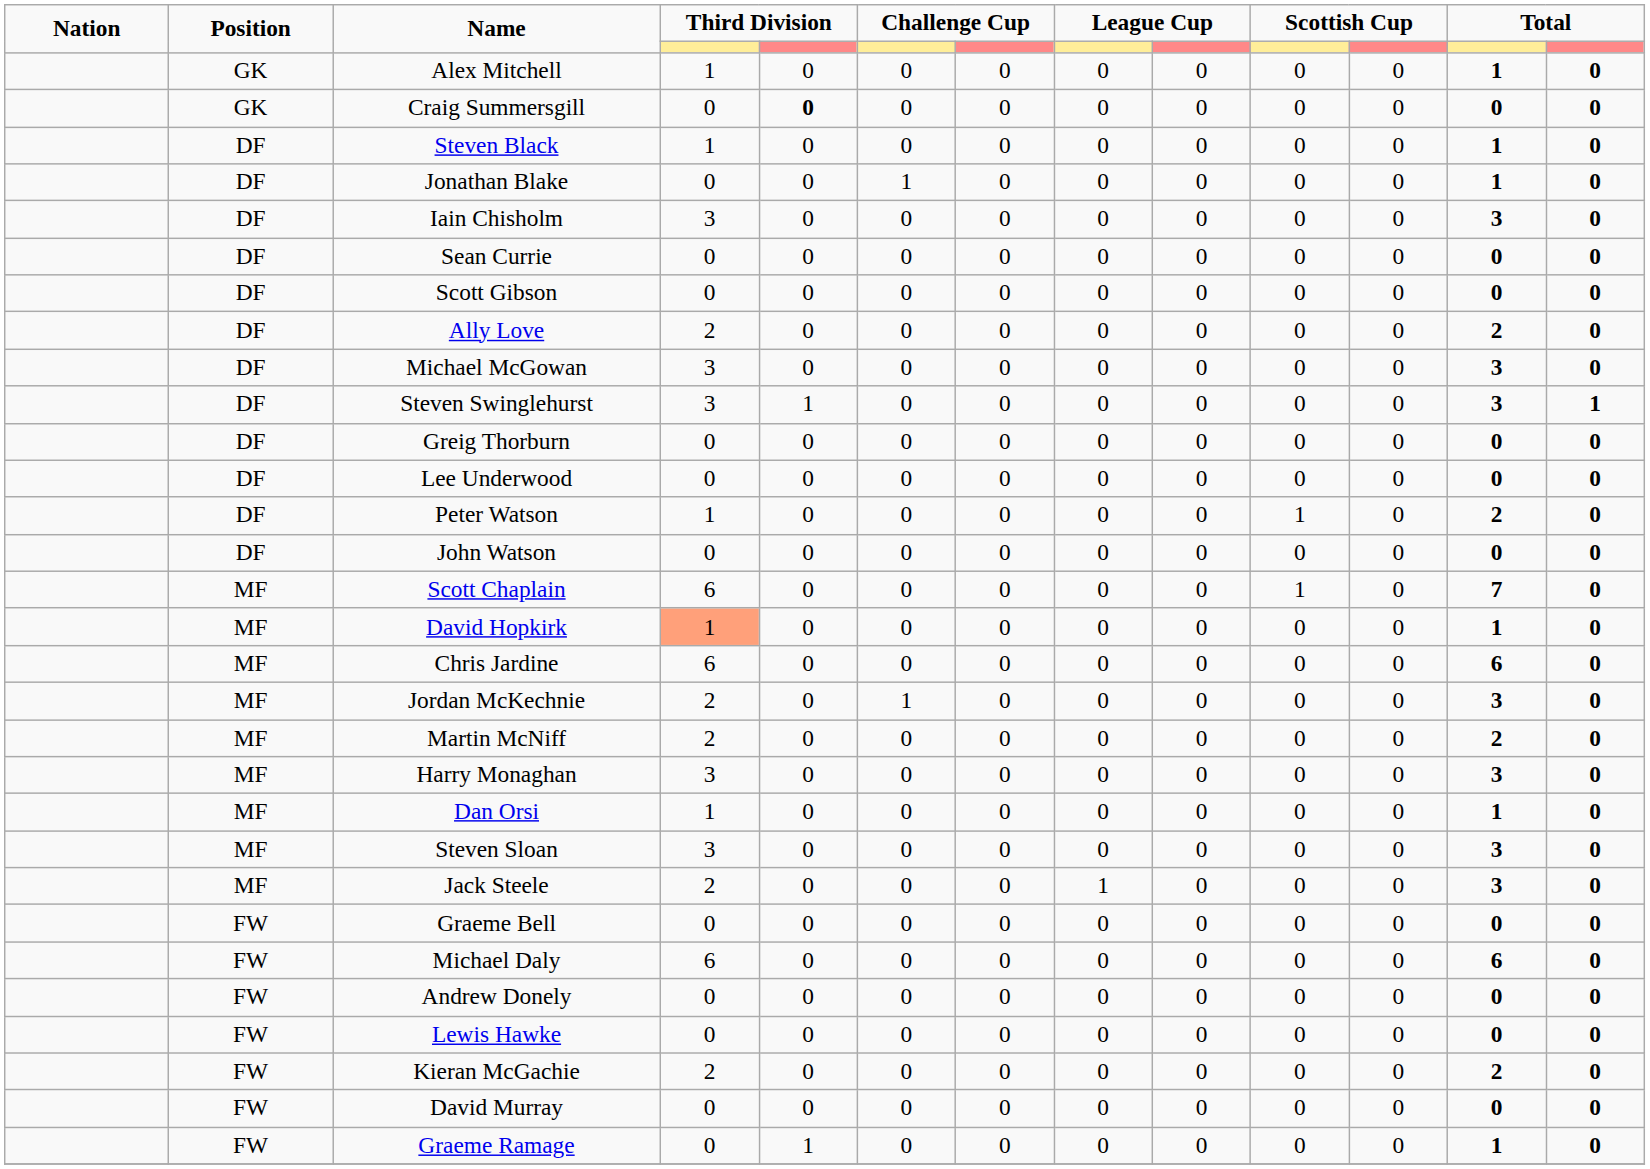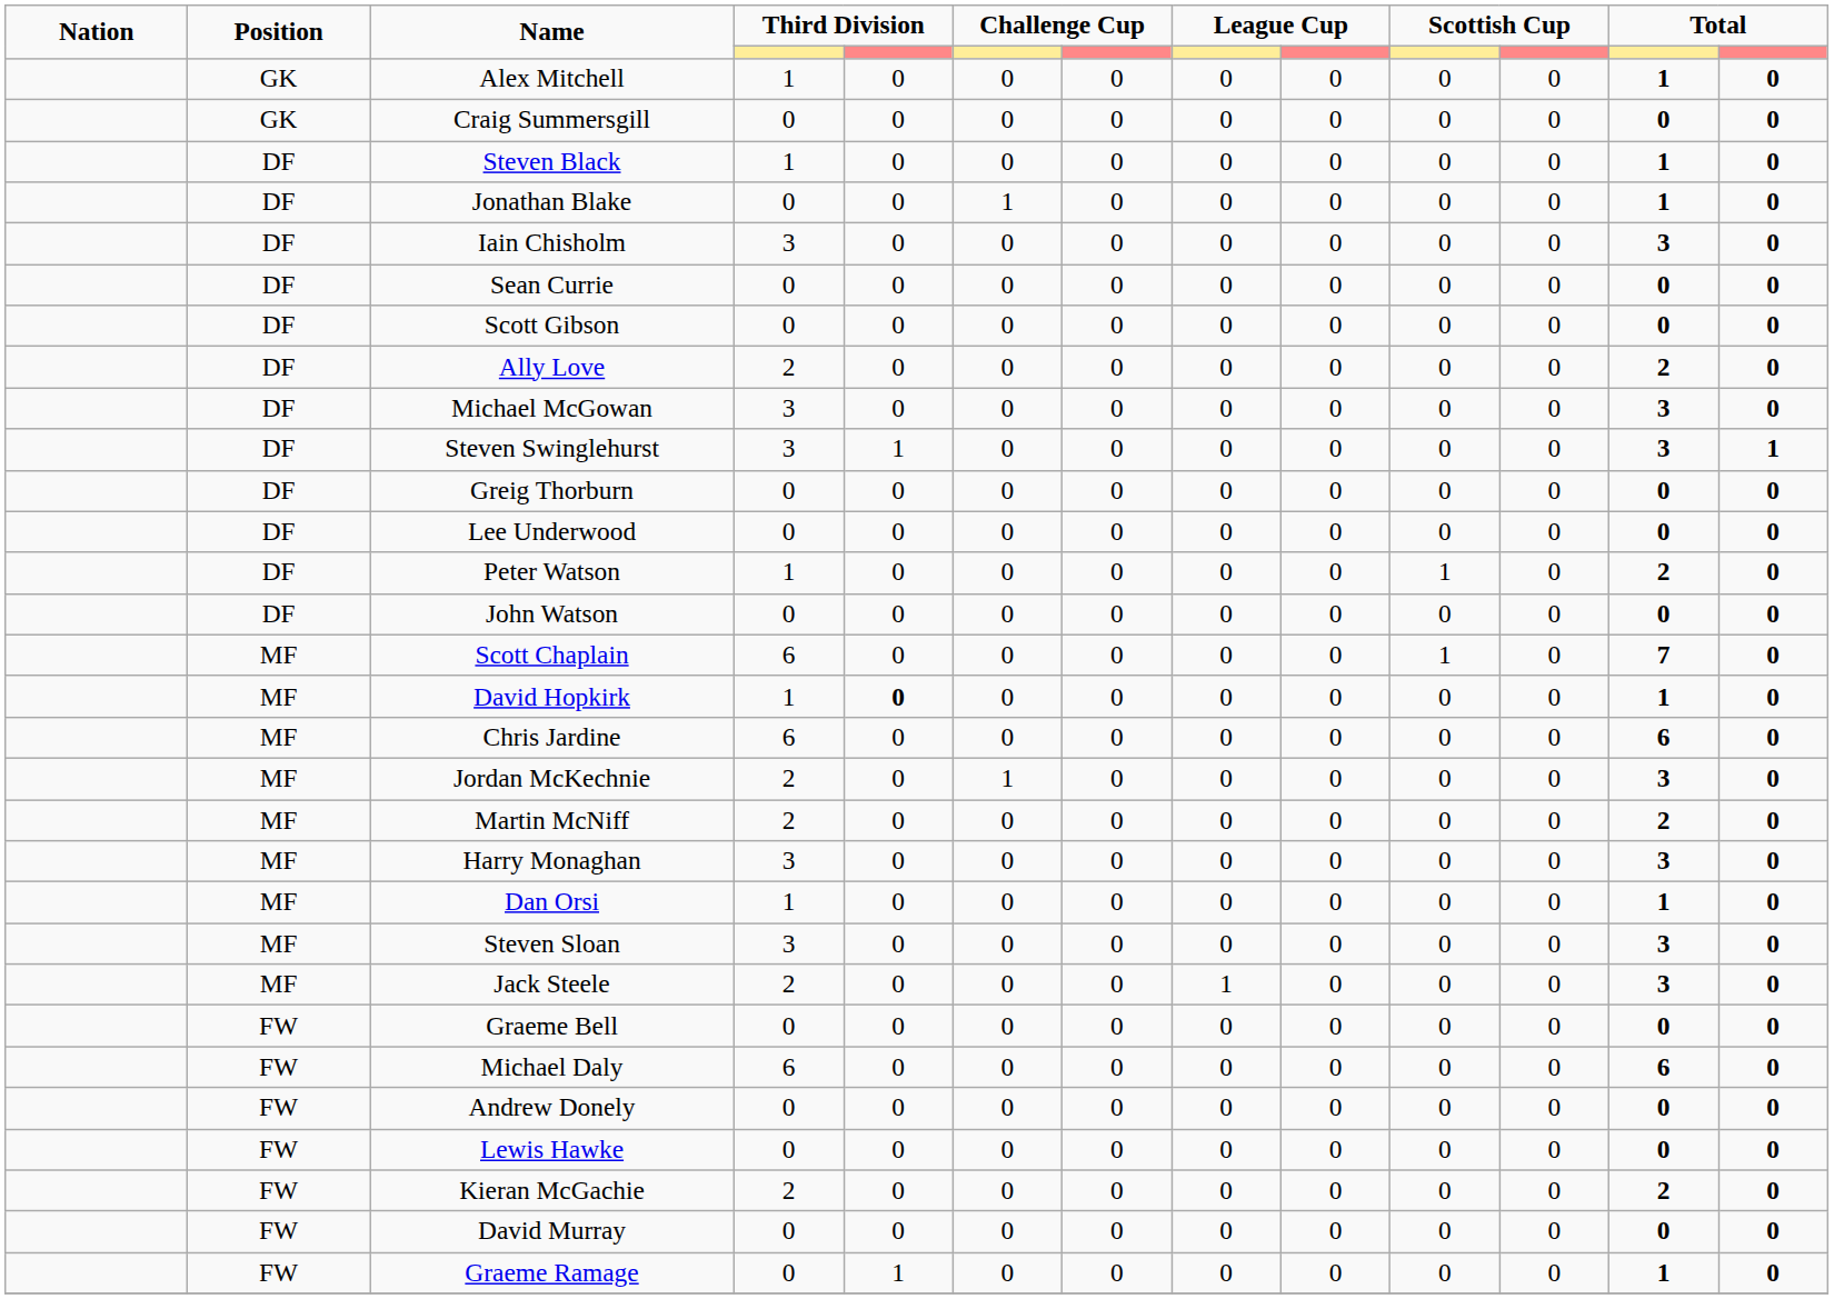 <table class="wikitable" style="font-size: 100%; text-align: center;">
 <tr>
 <td rowspan="2" width="10%" align="center"><strong>Nation</strong></td>
 <td rowspan="2" width="10%" align="center"><strong>Position</strong></td>
 <td rowspan="2" width="20%" align="center"><strong>Name</strong></td>
 <td colspan="2" align="center"><strong>Third Division</strong></td>
 <td colspan="2" align="center"><strong>Challenge Cup</strong></td>
 <td colspan="2" align="center"><strong>League Cup</strong></td>
 <td colspan="2" align="center"><strong>Scottish Cup</strong></td>
 <td colspan="2" align="center"><strong>Total </strong></td>
 </tr>
 <tr>
 <th width=60 style="background: #FFEE99"></th>
 <th width=60 style="background: #FF8888"></th>
 <th width=60 style="background: #FFEE99"></th>
 <th width=60 style="background: #FF8888"></th>
 <th width=60 style="background: #FFEE99"></th>
 <th width=60 style="background: #FF8888"></th>
 <th width=60 style="background: #FFEE99"></th>
 <th width=60 style="background: #FF8888"></th>
 <th width=60 style="background: #FFEE99"></th>
 <th width=60 style="background: #FF8888"></th>
 </tr>
 <tr>
 <td></td>
 <td>GK</td>
 <td>Alex Mitchell</td>
 <td>1</td>
 <td>0</td>
 <td>0</td>
 <td>0</td>
 <td>0</td>
 <td>0</td>
 <td>0</td>
 <td>0</td>
 <td><strong>1</strong></td>
 <td><strong>0</strong></td>
 </tr>
 <tr>
 <td></td>
 <td>GK</td>
 <td>Craig Summersgill</td>
 <td>0</td>
-<td><strong>0</strong></td>
+<td>0</td>
 <td>0</td>
 <td>0</td>
 <td>0</td>
 <td>0</td>
 <td>0</td>
 <td>0</td>
 <td><strong>0</strong></td>
 <td><strong>0</strong></td>
 </tr>
 <tr>
 <td></td>
 <td>DF</td>
 <td><a href='#'>Steven Black</a></td>
 <td>1</td>
 <td>0</td>
 <td>0</td>
 <td>0</td>
 <td>0</td>
 <td>0</td>
 <td>0</td>
 <td>0</td>
 <td><strong>1</strong></td>
 <td><strong>0</strong></td>
 </tr>
 <tr>
 <td></td>
 <td>DF</td>
 <td>Jonathan Blake</td>
 <td>0</td>
 <td>0</td>
 <td>1</td>
 <td>0</td>
 <td>0</td>
 <td>0</td>
 <td>0</td>
 <td>0</td>
 <td><strong>1</strong></td>
 <td><strong>0</strong></td>
 </tr>
 <tr>
 <td></td>
 <td>DF</td>
 <td>Iain Chisholm</td>
 <td>3</td>
 <td>0</td>
 <td>0</td>
 <td>0</td>
 <td>0</td>
 <td>0</td>
 <td>0</td>
 <td>0</td>
 <td><strong>3</strong></td>
 <td><strong>0</strong></td>
 </tr>
 <tr>
 <td></td>
 <td>DF</td>
 <td>Sean Currie</td>
 <td>0</td>
 <td>0</td>
 <td>0</td>
 <td>0</td>
 <td>0</td>
 <td>0</td>
 <td>0</td>
 <td>0</td>
 <td><strong>0</strong></td>
 <td><strong>0</strong></td>
 </tr>
 <tr>
 <td></td>
 <td>DF</td>
 <td>Scott Gibson</td>
 <td>0</td>
 <td>0</td>
 <td>0</td>
 <td>0</td>
 <td>0</td>
 <td>0</td>
 <td>0</td>
 <td>0</td>
 <td><strong>0</strong></td>
 <td><strong>0</strong></td>
 </tr>
 <tr>
 <td></td>
 <td>DF</td>
 <td><a href='#'>Ally Love</a></td>
 <td>2</td>
 <td>0</td>
 <td>0</td>
 <td>0</td>
 <td>0</td>
 <td>0</td>
 <td>0</td>
 <td>0</td>
 <td><strong>2</strong></td>
 <td><strong>0</strong></td>
 </tr>
 <tr>
 <td></td>
 <td>DF</td>
 <td>Michael McGowan</td>
 <td>3</td>
 <td>0</td>
 <td>0</td>
 <td>0</td>
 <td>0</td>
 <td>0</td>
 <td>0</td>
 <td>0</td>
 <td><strong>3</strong></td>
 <td><strong>0</strong></td>
 </tr>
 <tr>
 <td></td>
 <td>DF</td>
 <td>Steven Swinglehurst</td>
 <td>3</td>
 <td>1</td>
 <td>0</td>
 <td>0</td>
 <td>0</td>
 <td>0</td>
 <td>0</td>
 <td>0</td>
 <td><strong>3</strong></td>
 <td><strong>1</strong></td>
 </tr>
 <tr>
 <td></td>
 <td>DF</td>
 <td>Greig Thorburn</td>
 <td>0</td>
 <td>0</td>
 <td>0</td>
 <td>0</td>
 <td>0</td>
 <td>0</td>
 <td>0</td>
 <td>0</td>
 <td><strong>0</strong></td>
 <td><strong>0</strong></td>
 </tr>
 <tr>
 <td></td>
 <td>DF</td>
 <td>Lee Underwood</td>
 <td>0</td>
 <td>0</td>
 <td>0</td>
 <td>0</td>
 <td>0</td>
 <td>0</td>
 <td>0</td>
 <td>0</td>
 <td><strong>0</strong></td>
 <td><strong>0</strong></td>
 </tr>
 <tr>
 <td></td>
 <td>DF</td>
 <td>Peter Watson</td>
 <td>1</td>
 <td>0</td>
 <td>0</td>
 <td>0</td>
 <td>0</td>
 <td>0</td>
 <td>1</td>
 <td>0</td>
 <td><strong>2</strong></td>
 <td><strong>0</strong></td>
 </tr>
 <tr>
 <td></td>
 <td>DF</td>
 <td>John Watson</td>
 <td>0</td>
 <td>0</td>
 <td>0</td>
 <td>0</td>
 <td>0</td>
 <td>0</td>
 <td>0</td>
 <td>0</td>
 <td><strong>0</strong></td>
 <td><strong>0</strong></td>
 </tr>
 <tr>
 <td></td>
 <td>MF</td>
 <td><a href='#'>Scott Chaplain</a></td>
 <td>6</td>
 <td>0</td>
 <td>0</td>
 <td>0</td>
 <td>0</td>
 <td>0</td>
 <td>1</td>
 <td>0</td>
 <td><strong>7</strong></td>
 <td><strong>0</strong></td>
 </tr>
 <tr>
 <td></td>
 <td>MF</td>
 <td><a href='#'>David Hopkirk</a></td>
-<td style="background: lightsalmon;">1</td>
-<td>0</td>
+<td>1</td>
+<td><strong>0</strong></td>
 <td>0</td>
 <td>0</td>
 <td>0</td>
 <td>0</td>
 <td>0</td>
 <td>0</td>
 <td><strong>1</strong></td>
 <td><strong>0</strong></td>
 </tr>
 <tr>
 <td></td>
 <td>MF</td>
 <td>Chris Jardine</td>
 <td>6</td>
 <td>0</td>
 <td>0</td>
 <td>0</td>
 <td>0</td>
 <td>0</td>
 <td>0</td>
 <td>0</td>
 <td><strong>6</strong></td>
 <td><strong>0</strong></td>
 </tr>
 <tr>
 <td></td>
 <td>MF</td>
 <td>Jordan McKechnie</td>
 <td>2</td>
 <td>0</td>
 <td>1</td>
 <td>0</td>
 <td>0</td>
 <td>0</td>
 <td>0</td>
 <td>0</td>
 <td><strong>3</strong></td>
 <td><strong>0</strong></td>
 </tr>
 <tr>
 <td></td>
 <td>MF</td>
 <td>Martin McNiff</td>
 <td>2</td>
 <td>0</td>
 <td>0</td>
 <td>0</td>
 <td>0</td>
 <td>0</td>
 <td>0</td>
 <td>0</td>
 <td><strong>2</strong></td>
 <td><strong>0</strong></td>
 </tr>
 <tr>
 <td></td>
 <td>MF</td>
 <td>Harry Monaghan</td>
 <td>3</td>
 <td>0</td>
 <td>0</td>
 <td>0</td>
 <td>0</td>
 <td>0</td>
 <td>0</td>
 <td>0</td>
 <td><strong>3</strong></td>
 <td><strong>0</strong></td>
 </tr>
 <tr>
 <td></td>
 <td>MF</td>
 <td><a href='#'>Dan Orsi</a></td>
 <td>1</td>
 <td>0</td>
 <td>0</td>
 <td>0</td>
 <td>0</td>
 <td>0</td>
 <td>0</td>
 <td>0</td>
 <td><strong>1</strong></td>
 <td><strong>0</strong></td>
 </tr>
 <tr>
 <td></td>
 <td>MF</td>
 <td>Steven Sloan</td>
 <td>3</td>
 <td>0</td>
 <td>0</td>
 <td>0</td>
 <td>0</td>
 <td>0</td>
 <td>0</td>
 <td>0</td>
 <td><strong>3</strong></td>
 <td><strong>0</strong></td>
 </tr>
 <tr>
 <td></td>
 <td>MF</td>
 <td>Jack Steele</td>
 <td>2</td>
 <td>0</td>
 <td>0</td>
 <td>0</td>
 <td>1</td>
 <td>0</td>
 <td>0</td>
 <td>0</td>
 <td><strong>3</strong></td>
 <td><strong>0</strong></td>
 </tr>
 <tr>
 <td></td>
 <td>FW</td>
 <td>Graeme Bell</td>
 <td>0</td>
 <td>0</td>
 <td>0</td>
 <td>0</td>
 <td>0</td>
 <td>0</td>
 <td>0</td>
 <td>0</td>
 <td><strong>0</strong></td>
 <td><strong>0</strong></td>
 </tr>
 <tr>
 <td></td>
 <td>FW</td>
 <td>Michael Daly</td>
 <td>6</td>
 <td>0</td>
 <td>0</td>
 <td>0</td>
 <td>0</td>
 <td>0</td>
 <td>0</td>
 <td>0</td>
 <td><strong>6</strong></td>
 <td><strong>0</strong></td>
 </tr>
 <tr>
 <td></td>
 <td>FW</td>
 <td>Andrew Donely</td>
 <td>0</td>
 <td>0</td>
 <td>0</td>
 <td>0</td>
 <td>0</td>
 <td>0</td>
 <td>0</td>
 <td>0</td>
 <td><strong>0</strong></td>
 <td><strong>0</strong></td>
 </tr>
 <tr>
 <td></td>
 <td>FW</td>
 <td><a href='#'>Lewis Hawke</a></td>
 <td>0</td>
 <td>0</td>
 <td>0</td>
 <td>0</td>
 <td>0</td>
 <td>0</td>
 <td>0</td>
 <td>0</td>
 <td><strong>0</strong></td>
 <td><strong>0</strong></td>
 </tr>
 <tr>
 <td></td>
 <td>FW</td>
 <td>Kieran McGachie</td>
 <td>2</td>
 <td>0</td>
 <td>0</td>
 <td>0</td>
 <td>0</td>
 <td>0</td>
 <td>0</td>
 <td>0</td>
 <td><strong>2</strong></td>
 <td><strong>0</strong></td>
 </tr>
 <tr>
 <td></td>
 <td>FW</td>
 <td>David Murray</td>
 <td>0</td>
 <td>0</td>
 <td>0</td>
 <td>0</td>
 <td>0</td>
 <td>0</td>
 <td>0</td>
 <td>0</td>
 <td><strong>0</strong></td>
 <td><strong>0</strong></td>
 </tr>
 <tr>
 <td></td>
 <td>FW</td>
 <td><a href='#'>Graeme Ramage</a></td>
 <td>0</td>
 <td>1</td>
 <td>0</td>
 <td>0</td>
 <td>0</td>
 <td>0</td>
 <td>0</td>
 <td>0</td>
 <td><strong>1</strong></td>
 <td><strong>0</strong></td>
 </tr>
 <tr>
 </tr>
 </table>
